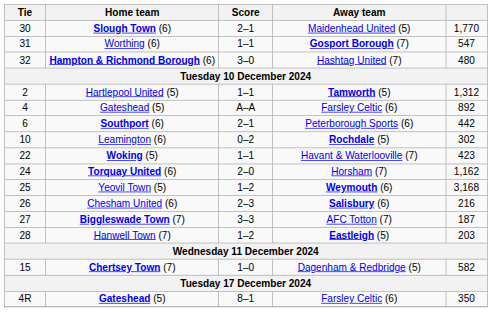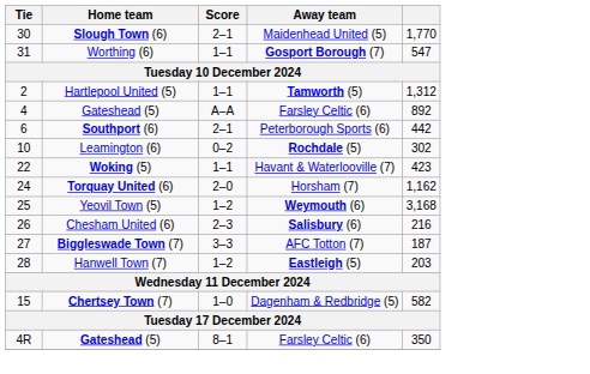 <table class="wikitable" style="text-align:center; font-size:90%">
 <tr>
 <th scope="col" style="width:  8.43%;">Tie</th>
 <th scope="col" style="width: 35.29%;">Home team</th>
 <th scope="col" style="width: 11.00%;">Score</th>
 <th scope="col" style="width: 35.29%;">Away team</th>
 <th scope="col" style="width:  8.43%;"></th>
 </tr>
 <tr>
 <td>30</td>
 <td><strong><a href='#'>Slough Town</a></strong> (6)</td>
 <td>2–1</td>
 <td><a href='#'>Maidenhead United</a> (5)</td>
 <td>1,770</td>
 </tr>
 <tr>
 <td>31</td>
 <td><a href='#'>Worthing</a> (6)</td>
 <td>1–1 </td>
 <td><strong><a href='#'>Gosport Borough</a></strong> (7)</td>
 <td>547</td>
-</tr>
-<tr>
-<td>32</td>
-<td><strong><a href='#'>Hampton & Richmond Borough</a></strong> (6)</td>
-<td>3–0</td>
-<td><a href='#'>Hashtag United</a> (7)</td>
-<td>480</td>
 </tr>
 <tr>
 <th colspan="5"><strong>Tuesday 10 December 2024</strong></th>
 </tr>
 <tr>
 <td>2</td>
 <td><a href='#'>Hartlepool United</a> (5)</td>
 <td>1–1 </td>
 <td><strong><a href='#'>Tamworth</a></strong> (5)</td>
 <td>1,312</td>
 </tr>
 <tr>
 <td>4</td>
 <td><a href='#'>Gateshead</a> (5)</td>
 <td>A–A</td>
 <td><a href='#'>Farsley Celtic</a> (6)</td>
 <td>892</td>
 </tr>
 <tr>
 <td>6</td>
 <td><strong><a href='#'>Southport</a></strong> (6)</td>
 <td>2–1</td>
 <td><a href='#'>Peterborough Sports</a> (6)</td>
 <td>442</td>
 </tr>
 <tr>
 <td>10</td>
 <td><a href='#'>Leamington</a> (6)</td>
 <td>0–2</td>
 <td><strong><a href='#'>Rochdale</a></strong> (5)</td>
 <td>302</td>
 </tr>
 <tr>
 <td>22</td>
 <td><strong><a href='#'>Woking</a></strong> (5)</td>
 <td>1–1 </td>
 <td><a href='#'>Havant & Waterlooville</a> (7)</td>
 <td>423</td>
 </tr>
 <tr>
 <td>24</td>
 <td><strong><a href='#'>Torquay United</a></strong> (6)</td>
 <td>2–0</td>
 <td><a href='#'>Horsham</a> (7)</td>
 <td>1,162</td>
 </tr>
 <tr>
 <td>25</td>
 <td><a href='#'>Yeovil Town</a> (5)</td>
 <td>1–2</td>
 <td><strong><a href='#'>Weymouth</a></strong> (6)</td>
 <td>3,168</td>
 </tr>
 <tr>
 <td>26</td>
 <td><a href='#'>Chesham United</a> (6)</td>
 <td>2–3</td>
 <td><strong><a href='#'>Salisbury</a></strong> (6)</td>
 <td>216</td>
 </tr>
 <tr>
 <td>27</td>
 <td><strong><a href='#'>Biggleswade Town</a></strong> (7)</td>
 <td>3–3 </td>
 <td><a href='#'>AFC Totton</a> (7)</td>
 <td>187</td>
 </tr>
 <tr>
 <td>28</td>
 <td><a href='#'>Hanwell Town</a> (7)</td>
 <td>1–2</td>
 <td><strong><a href='#'>Eastleigh</a></strong> (5)</td>
 <td>203</td>
 </tr>
 <tr>
 <th colspan="5"><strong>Wednesday 11 December 2024</strong></th>
 </tr>
 <tr>
 <td>15</td>
 <td><strong><a href='#'>Chertsey Town</a></strong> (7)</td>
 <td>1–0</td>
 <td><a href='#'>Dagenham & Redbridge</a> (5)</td>
 <td>582</td>
 </tr>
 <tr>
 <th colspan="5"><strong>Tuesday 17 December 2024</strong></th>
 </tr>
 <tr>
 <td>4R</td>
 <td><strong><a href='#'>Gateshead</a></strong> (5)</td>
 <td>8–1</td>
 <td><a href='#'>Farsley Celtic</a> (6)</td>
 <td>350</td>
 </tr>
 <tr>
 </tr>
 </table>
